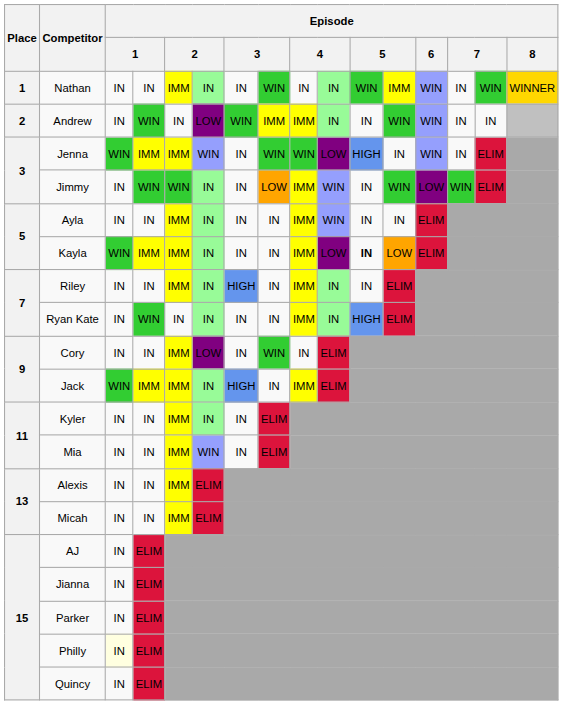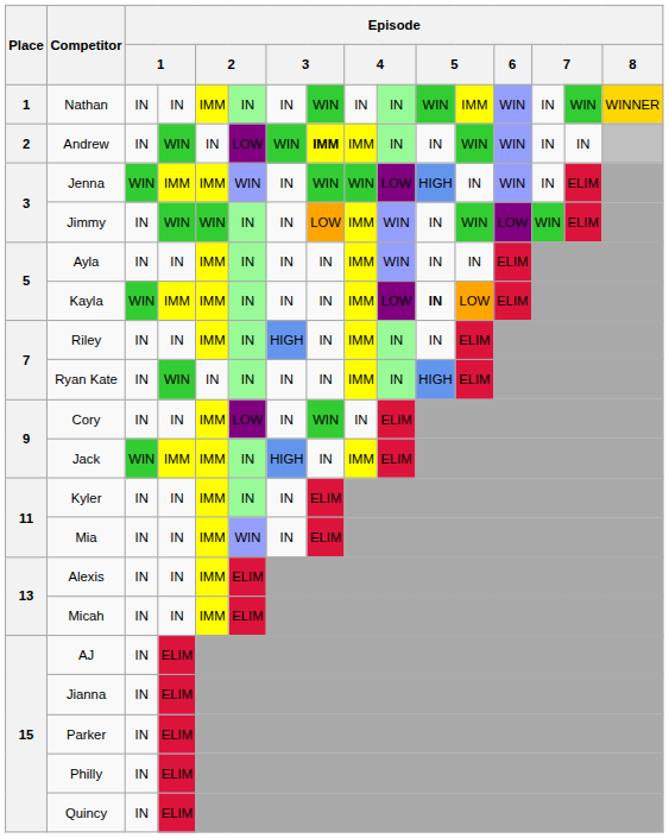 <table class="wikitable" style="text-align: center; font-size: 8pt; line-height:26px;">
 <tr>
 <th rowspan="2">Place</th>
 <th rowspan="2">Competitor</th>
 <th colspan="14">Episode</th>
 </tr>
 <tr>
 <th colspan="2">1</th>
 <th colspan="2">2</th>
 <th colspan="2">3</th>
 <th colspan="2">4</th>
 <th colspan="2">5</th>
 <th>6</th>
 <th colspan="2">7</th>
 <th>8</th>
 </tr>
 <tr>
 <th>1</th>
 <td>Nathan</td>
 <td>IN</td>
 <td>IN</td>
 <td style="background:yellow;">IMM</td>
 <td style="background:palegreen;">IN</td>
 <td>IN</td>
 <td style="background:limegreen;">WIN</td>
 <td>IN</td>
 <td style="background:palegreen;">IN</td>
 <td style="background:limegreen;">WIN</td>
 <td style="background:yellow;">IMM</td>
 <td style="background:#959FFD;">WIN</td>
 <td>IN</td>
 <td style="background:limegreen;">WIN</td>
 <td style="background:gold;">WINNER</td>
 </tr>
 <tr>
 <th>2</th>
 <td>Andrew</td>
 <td>IN</td>
 <td style="background:limegreen;">WIN</td>
 <td>IN</td>
 <td style="background:purple;">LOW</td>
 <td style="background:limegreen;">WIN</td>
-<td style="background:yellow;">IMM</td>
+<td style="background:yellow;"><strong>IMM</strong></td>
 <td style="background:yellow;">IMM</td>
 <td style="background:palegreen;">IN</td>
 <td>IN</td>
 <td style="background:limegreen;">WIN</td>
 <td style="background:#959FFD;">WIN</td>
 <td>IN</td>
 <td>IN</td>
 <td style="background:silver;"></td>
 </tr>
 <tr>
 <th rowspan=2>3</th>
 <td>Jenna</td>
 <td style="background:limegreen;">WIN</td>
 <td style="background:yellow;">IMM</td>
 <td style="background:yellow;">IMM</td>
 <td style="background:#959FFD;">WIN</td>
 <td>IN</td>
 <td style="background:limegreen;">WIN</td>
 <td style="background:limegreen;">WIN</td>
 <td style="background:purple;">LOW</td>
 <td style="background:cornflowerblue;">HIGH</td>
 <td>IN</td>
 <td style="background:#959FFD;">WIN</td>
 <td>IN</td>
 <td style="background:crimson;">ELIM</td>
 <td style="background:darkgrey;" colspan="2"></td>
 </tr>
 <tr>
 <td>Jimmy</td>
 <td>IN</td>
 <td style="background:limegreen;">WIN</td>
 <td style="background:limegreen;">WIN</td>
 <td style="background:palegreen;">IN</td>
 <td>IN</td>
 <td style="background:orange;">LOW</td>
 <td style="background:yellow;">IMM</td>
 <td style="background:#959FFD;">WIN</td>
 <td>IN</td>
 <td style="background:limegreen;">WIN</td>
 <td style="background:purple;">LOW</td>
 <td style="background:limegreen;">WIN</td>
 <td style="background:crimson;">ELIM</td>
 <td style="background:darkgrey;" colspan="1"></td>
 </tr>
 <tr>
 <th rowspan=2>5</th>
 <td>Ayla</td>
 <td>IN</td>
 <td>IN</td>
 <td style="background:yellow;">IMM</td>
 <td style="background:palegreen;">IN</td>
 <td>IN</td>
 <td>IN</td>
 <td style="background:yellow;">IMM</td>
 <td style="background:#959FFD;">WIN</td>
 <td>IN</td>
 <td>IN</td>
 <td style="background:crimson;">ELIM</td>
 <td style="background:darkgrey;" colspan="3"></td>
 </tr>
 <tr>
 <td>Kayla</td>
 <td style="background:limegreen;">WIN</td>
 <td style="background:yellow;">IMM</td>
 <td style="background:yellow;">IMM</td>
 <td style="background:palegreen;">IN</td>
 <td>IN</td>
 <td>IN</td>
 <td style="background:yellow;">IMM</td>
 <td style="background:purple;">LOW</td>
 <td><strong>IN</strong></td>
 <td style="background:orange;">LOW</td>
 <td style="background:crimson;">ELIM</td>
 <td style="background:darkgrey;" colspan="3"></td>
 </tr>
 <tr>
 <th rowspan=2>7</th>
 <td>Riley</td>
 <td>IN</td>
 <td>IN</td>
 <td style="background:yellow;">IMM</td>
 <td style="background:palegreen;">IN</td>
 <td style="background:cornflowerblue;">HIGH</td>
 <td>IN</td>
 <td style="background:yellow;">IMM</td>
 <td style="background:palegreen;">IN</td>
 <td>IN</td>
 <td style="background:crimson;">ELIM</td>
 <td style="background:darkgrey;" colspan="4"></td>
 </tr>
 <tr>
 <td>Ryan Kate</td>
 <td>IN</td>
 <td style="background:limegreen;">WIN</td>
 <td>IN</td>
 <td style="background:palegreen;">IN</td>
 <td>IN</td>
 <td>IN</td>
 <td style="background:yellow;">IMM</td>
 <td style="background:palegreen;">IN</td>
 <td style="background:cornflowerblue;">HIGH</td>
 <td style="background:crimson;">ELIM</td>
 <td style="background:darkgrey;" colspan="4"></td>
 </tr>
 <tr>
 <th rowspan=2>9</th>
 <td>Cory</td>
 <td>IN</td>
 <td>IN</td>
 <td style="background:yellow;">IMM</td>
 <td style="background:purple;">LOW</td>
 <td>IN</td>
 <td style="background:limegreen;">WIN</td>
 <td>IN</td>
 <td style="background:crimson;">ELIM</td>
 <td style="background:darkgrey;" colspan="6"></td>
 </tr>
 <tr>
 <td>Jack</td>
 <td style="background:limegreen;">WIN</td>
 <td style="background:yellow;">IMM</td>
 <td style="background:yellow;">IMM</td>
 <td style="background:palegreen;">IN</td>
 <td style="background:cornflowerblue;">HIGH</td>
 <td>IN</td>
 <td style="background:yellow;">IMM</td>
 <td style="background:crimson;">ELIM</td>
 <td style="background:darkgrey;" colspan="6"></td>
 </tr>
 <tr>
 <th rowspan=2>11</th>
 <td>Kyler</td>
 <td>IN</td>
 <td>IN</td>
 <td style="background:yellow;">IMM</td>
 <td style="background:palegreen;">IN</td>
 <td>IN</td>
 <td style="background:crimson;">ELIM</td>
 <td style="background:darkgrey;" colspan="8"></td>
 </tr>
 <tr>
 <td>Mia</td>
 <td>IN</td>
 <td>IN</td>
 <td style="background:yellow;">IMM</td>
 <td style="background:#959FFD;">WIN</td>
 <td>IN</td>
 <td style="background:crimson;">ELIM</td>
 <td style="background:darkgrey;" colspan="8"></td>
 </tr>
 <tr>
 <th rowspan=2>13</th>
 <td>Alexis</td>
 <td>IN</td>
 <td>IN</td>
 <td style="background:yellow;">IMM</td>
 <td style="background:crimson;">ELIM</td>
 <td style="background:darkgrey;" colspan="10"></td>
 </tr>
 <tr>
 <td>Micah</td>
 <td>IN</td>
 <td>IN</td>
 <td style="background:yellow;">IMM</td>
 <td style="background:crimson;">ELIM</td>
 <td style="background:darkgrey;" colspan="10"></td>
 </tr>
 <tr>
 <th rowspan=5>15</th>
 <td>AJ</td>
 <td>IN</td>
 <td style="background:crimson;">ELIM</td>
 <td style="background:darkgrey;" colspan="12"></td>
 </tr>
 <tr>
 <td>Jianna</td>
 <td>IN</td>
 <td style="background:crimson;">ELIM</td>
 <td style="background:darkgrey;" colspan="12"></td>
 </tr>
 <tr>
 <td>Parker</td>
 <td>IN</td>
 <td style="background:crimson;">ELIM</td>
 <td style="background:darkgrey;" colspan="12"></td>
 </tr>
 <tr>
 <td>Philly</td>
-<td style="background: lightyellow;">IN</td>
+<td>IN</td>
 <td style="background:crimson;">ELIM</td>
 <td style="background:darkgrey;" colspan="12"></td>
 </tr>
 <tr>
 <td>Quincy</td>
 <td>IN</td>
 <td style="background:crimson;">ELIM</td>
 <td style="background:darkgrey;" colspan="12"></td>
 </tr>
 </table>
